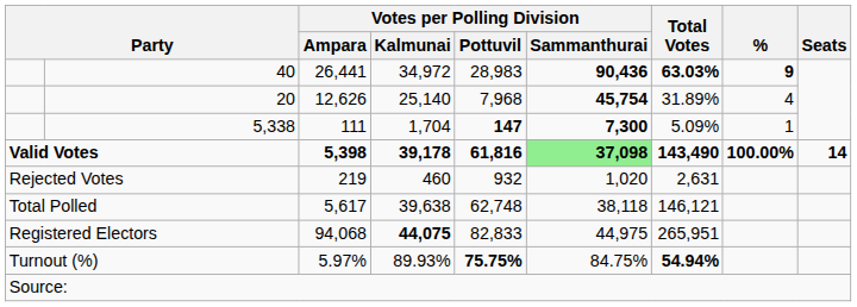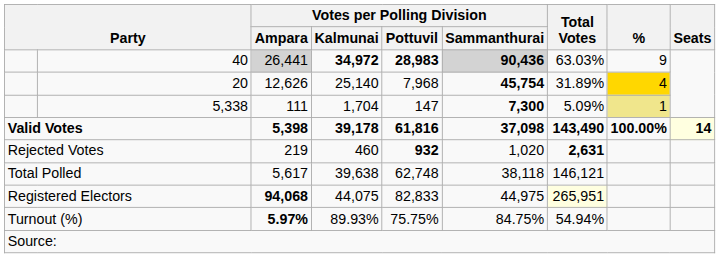 <table class="wikitable" border="1" style="text-align:right;">
 <tr>
 <th align=left valign=bottom rowspan=2 colspan=2 width="270">Party</th>
 <th colspan=4>Votes per Polling Division</th>
 <th align=center valign=bottom rowspan=2 width="60">Total Votes</th>
 <th align=center valign=bottom rowspan=2 width="60">%</th>
 <th align=center valign=bottom rowspan=2 width="40">Seats</th>
 </tr>
 <tr>
 <th align=center valign=bottom width="60">Ampara</th>
 <th align=center valign=bottom width="60">Kalmunai</th>
 <th align=center valign=bottom width="60">Pottuvil</th>
 <th align=center valign=bottom width="60">Sammanthurai</th>
 </tr>
 <tr>
 <td></td>
 <td>40</td>
-<td>26,441</td>
-<td>34,972</td>
-<td>28,983</td>
-<td><strong>90,436</strong></td>
-<td><strong>63.03%</strong></td>
-<td><strong>9</strong></td>
+<td style="background: lightgrey;">26,441</td>
+<td><strong>34,972</strong></td>
+<td><strong>28,983</strong></td>
+<td style="background: lightgrey;"><strong>90,436</strong></td>
+<td>63.03%</td>
+<td>9</td>
 </tr>
 <tr>
 <td></td>
 <td>20</td>
 <td>12,626</td>
 <td>25,140</td>
 <td>7,968</td>
 <td><strong>45,754</strong></td>
 <td>31.89%</td>
-<td>4</td>
+<td style="background: gold;">4</td>
 </tr>
 <tr>
 <td></td>
 <td>5,338</td>
 <td>111</td>
 <td>1,704</td>
-<td><strong>147</strong></td>
+<td>147</td>
 <td><strong>7,300</strong></td>
 <td>5.09%</td>
-<td>1</td>
+<td style="background: khaki;">1</td>
 </tr>
 <tr>
 <td align=left colspan=2><strong>Valid Votes</strong></td>
 <td><strong>5,398</strong></td>
 <td><strong>39,178</strong></td>
 <td><strong>61,816</strong></td>
-<td style="background: lightgreen;"><strong>37,098</strong></td>
+<td><strong>37,098</strong></td>
 <td><strong>143,490</strong></td>
 <td><strong>100.00%</strong></td>
-<td><strong>14</strong></td>
+<td style="background: lightyellow;"><strong>14</strong></td>
 </tr>
 <tr>
 <td align=left colspan=2>Rejected Votes</td>
 <td>219</td>
 <td>460</td>
-<td>932</td>
+<td><strong>932</strong></td>
 <td>1,020</td>
-<td>2,631</td>
+<td><strong>2,631</strong></td>
 <td></td>
 <td></td>
 </tr>
 <tr>
 <td align=left colspan=2>Total Polled</td>
 <td>5,617</td>
 <td>39,638</td>
 <td>62,748</td>
 <td>38,118</td>
 <td>146,121</td>
 <td></td>
 <td></td>
 </tr>
 <tr>
 <td align=left colspan=2>Registered Electors</td>
-<td>94,068</td>
-<td><strong>44,075</strong></td>
+<td><strong>94,068</strong></td>
+<td>44,075</td>
 <td>82,833</td>
 <td>44,975</td>
-<td>265,951</td>
+<td style="background: lightyellow;">265,951</td>
 <td></td>
 <td></td>
 </tr>
 <tr>
 <td align=left colspan=2>Turnout (%)</td>
-<td>5.97%</td>
+<td><strong>5.97%</strong></td>
 <td>89.93%</td>
-<td><strong>75.75%</strong></td>
+<td>75.75%</td>
 <td>84.75%</td>
-<td><strong>54.94%</strong></td>
+<td>54.94%</td>
 <td></td>
 <td></td>
 </tr>
 <tr>
 <td align=left colspan=9>Source:</td>
 </tr>
 </table>
